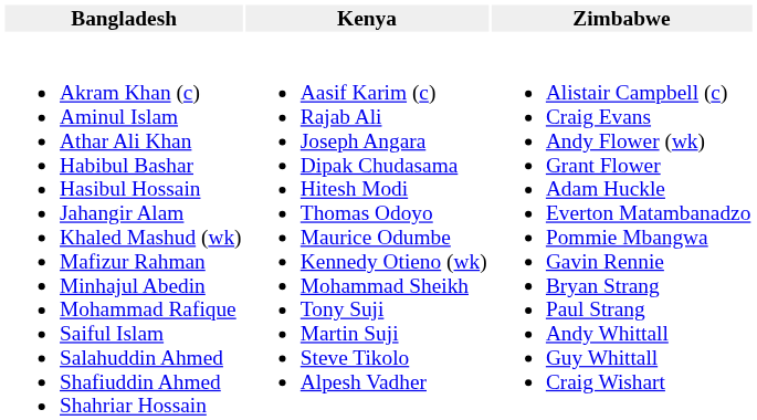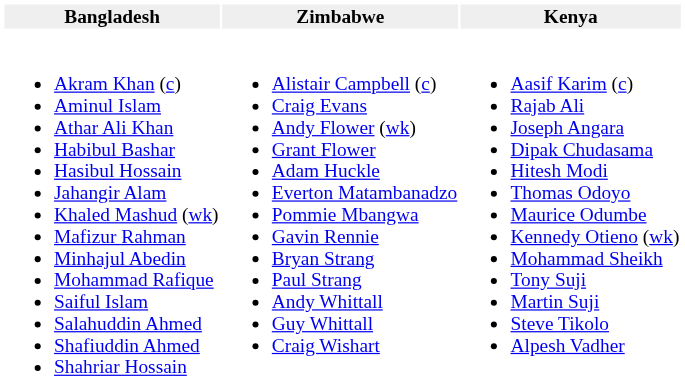 <table>
 <tr bgcolor="#efefef">
 <th>Bangladesh </th>
+<th>Zimbabwe </th>
 <th>Kenya </th>
-<th>Zimbabwe </th>
 </tr>
 <tr valign="top">
 <td><br><ul><li><a href='#'>Akram Khan</a> (<a href='#'>c</a>)</li><li><a href='#'>Aminul Islam</a></li><li><a href='#'>Athar Ali Khan</a></li><li><a href='#'>Habibul Bashar</a></li><li><a href='#'>Hasibul Hossain</a></li><li><a href='#'>Jahangir Alam</a></li><li><a href='#'>Khaled Mashud</a> (<a href='#'>wk</a>)</li><li><a href='#'>Mafizur Rahman</a></li><li><a href='#'>Minhajul Abedin</a></li><li><a href='#'>Mohammad Rafique</a></li><li><a href='#'>Saiful Islam</a></li><li><a href='#'>Salahuddin Ahmed</a></li><li><a href='#'>Shafiuddin Ahmed</a></li><li><a href='#'>Shahriar Hossain</a></li></ul></td>
+<td><br><ul><li><a href='#'>Alistair Campbell</a> (<a href='#'>c</a>)</li><li><a href='#'>Craig Evans</a></li><li><a href='#'>Andy Flower</a> (<a href='#'>wk</a>)</li><li><a href='#'>Grant Flower</a></li><li><a href='#'>Adam Huckle</a></li><li><a href='#'>Everton Matambanadzo</a></li><li><a href='#'>Pommie Mbangwa</a></li><li><a href='#'>Gavin Rennie</a></li><li><a href='#'>Bryan Strang</a></li><li><a href='#'>Paul Strang</a></li><li><a href='#'>Andy Whittall</a></li><li><a href='#'>Guy Whittall</a></li><li><a href='#'>Craig Wishart</a></li></ul></td>
 <td><br><ul><li><a href='#'>Aasif Karim</a> (<a href='#'>c</a>)</li><li><a href='#'>Rajab Ali</a></li><li><a href='#'>Joseph Angara</a></li><li><a href='#'>Dipak Chudasama</a></li><li><a href='#'>Hitesh Modi</a></li><li><a href='#'>Thomas Odoyo</a></li><li><a href='#'>Maurice Odumbe</a></li><li><a href='#'>Kennedy Otieno</a> (<a href='#'>wk</a>)</li><li><a href='#'>Mohammad Sheikh</a></li><li><a href='#'>Tony Suji</a></li><li><a href='#'>Martin Suji</a></li><li><a href='#'>Steve Tikolo</a></li><li><a href='#'>Alpesh Vadher</a></li></ul></td>
-<td><br><ul><li><a href='#'>Alistair Campbell</a> (<a href='#'>c</a>)</li><li><a href='#'>Craig Evans</a></li><li><a href='#'>Andy Flower</a> (<a href='#'>wk</a>)</li><li><a href='#'>Grant Flower</a></li><li><a href='#'>Adam Huckle</a></li><li><a href='#'>Everton Matambanadzo</a></li><li><a href='#'>Pommie Mbangwa</a></li><li><a href='#'>Gavin Rennie</a></li><li><a href='#'>Bryan Strang</a></li><li><a href='#'>Paul Strang</a></li><li><a href='#'>Andy Whittall</a></li><li><a href='#'>Guy Whittall</a></li><li><a href='#'>Craig Wishart</a></li></ul></td>
 </tr>
 </table>
